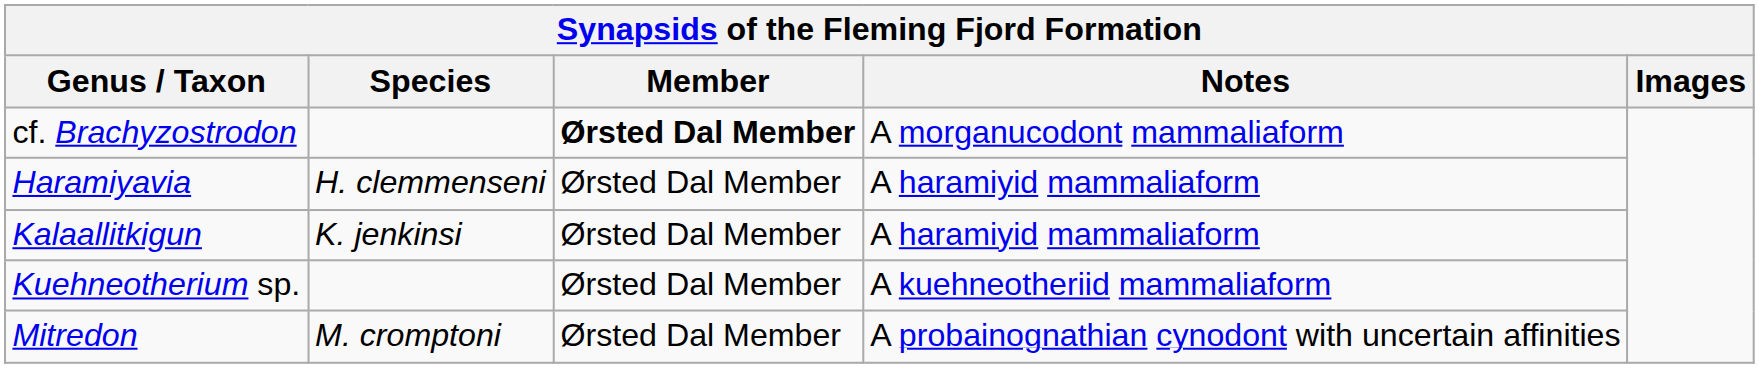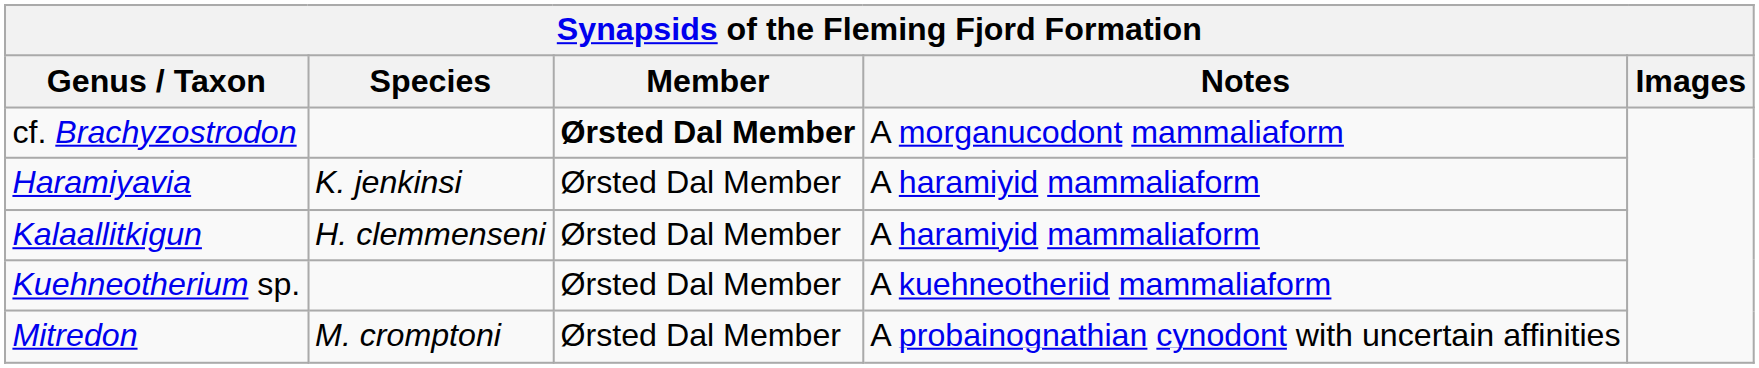 <table class="wikitable" align="center">
 <tr>
 <th colspan="5" align="center"><strong><a href='#'>Synapsids</a> of the Fleming Fjord Formation</strong></th>
 </tr>
 <tr>
 <th>Genus / Taxon</th>
 <th>Species</th>
 <th>Member</th>
 <th>Notes</th>
 <th>Images</th>
 </tr>
 <tr>
 <td>cf. <em><a href='#'>Brachyzostrodon</a></em></td>
 <td></td>
 <td><strong>Ørsted Dal Member</strong></td>
 <td>A <a href='#'>morganucodont</a> <a href='#'>mammaliaform</a></td>
 <td rowspan="167"></td>
 </tr>
 <tr>
 <td><em><a href='#'>Haramiyavia</a></em></td>
-<td><em>H. clemmenseni</em></td>
+<td><em>K. jenkinsi</em></td>
 <td>Ørsted Dal Member</td>
 <td>A <a href='#'>haramiyid</a> <a href='#'>mammaliaform</a></td>
 </tr>
 <tr>
 <td><em><a href='#'>Kalaallitkigun</a></em></td>
-<td><em>K. jenkinsi</em></td>
+<td><em>H. clemmenseni</em></td>
 <td>Ørsted Dal Member</td>
 <td>A <a href='#'>haramiyid</a> <a href='#'>mammaliaform</a></td>
 </tr>
 <tr>
 <td><em><a href='#'>Kuehneotherium</a></em> sp.</td>
 <td></td>
 <td>Ørsted Dal Member</td>
 <td>A <a href='#'>kuehneotheriid</a> <a href='#'>mammaliaform</a></td>
 </tr>
 <tr>
 <td><em><a href='#'>Mitredon</a></em></td>
 <td><em>M. cromptoni</em></td>
 <td>Ørsted Dal Member</td>
 <td>A <a href='#'>probainognathian</a> <a href='#'>cynodont</a> with uncertain affinities</td>
 </tr>
 </table>
